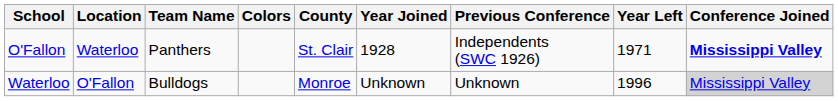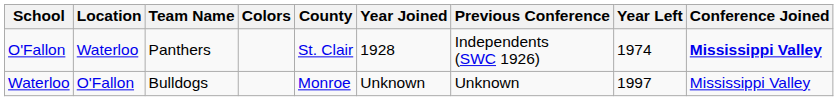 <table class="wikitable" border="1">
 <tr>
 <th>School</th>
 <th>Location</th>
 <th>Team Name</th>
 <th>Colors</th>
 <th>County</th>
 <th>Year Joined</th>
 <th>Previous Conference</th>
 <th>Year Left</th>
 <th>Conference Joined</th>
 </tr>
 <tr>
 <td><a href='#'>O'Fallon</a></td>
 <td><a href='#'>Waterloo</a></td>
 <td>Panthers</td>
 <td> </td>
 <td><a href='#'>St. Clair</a></td>
 <td>1928</td>
 <td>Independents<br>(<a href='#'>SWC</a> 1926)</td>
-<td>1971</td>
+<td>1974</td>
 <td><strong><a href='#'>Mississippi Valley</a></strong></td>
 </tr>
 <tr>
 <td><a href='#'>Waterloo</a></td>
 <td><a href='#'>O'Fallon</a></td>
 <td>Bulldogs</td>
 <td> </td>
 <td><a href='#'>Monroe</a></td>
 <td>Unknown</td>
 <td>Unknown</td>
-<td>1996</td>
-<td style="background: lightgrey;"><a href='#'>Mississippi Valley</a></td>
+<td>1997</td>
+<td><a href='#'>Mississippi Valley</a></td>
 </tr>
 </table>
